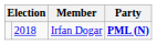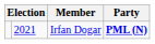 <table class="wikitable">
 <tr>
 <th colspan="2">Election</th>
 <th>Member</th>
 <th>Party</th>
 </tr>
 <tr>
 <td style="background-color: "></td>
-<td><a href='#'>2018</a></td>
+<td><a href='#'>2021</a></td>
 <td><a href='#'>Irfan Dogar</a></td>
 <td><strong><a href='#'>PML (N)</a></strong></td>
 </tr>
 </table>
